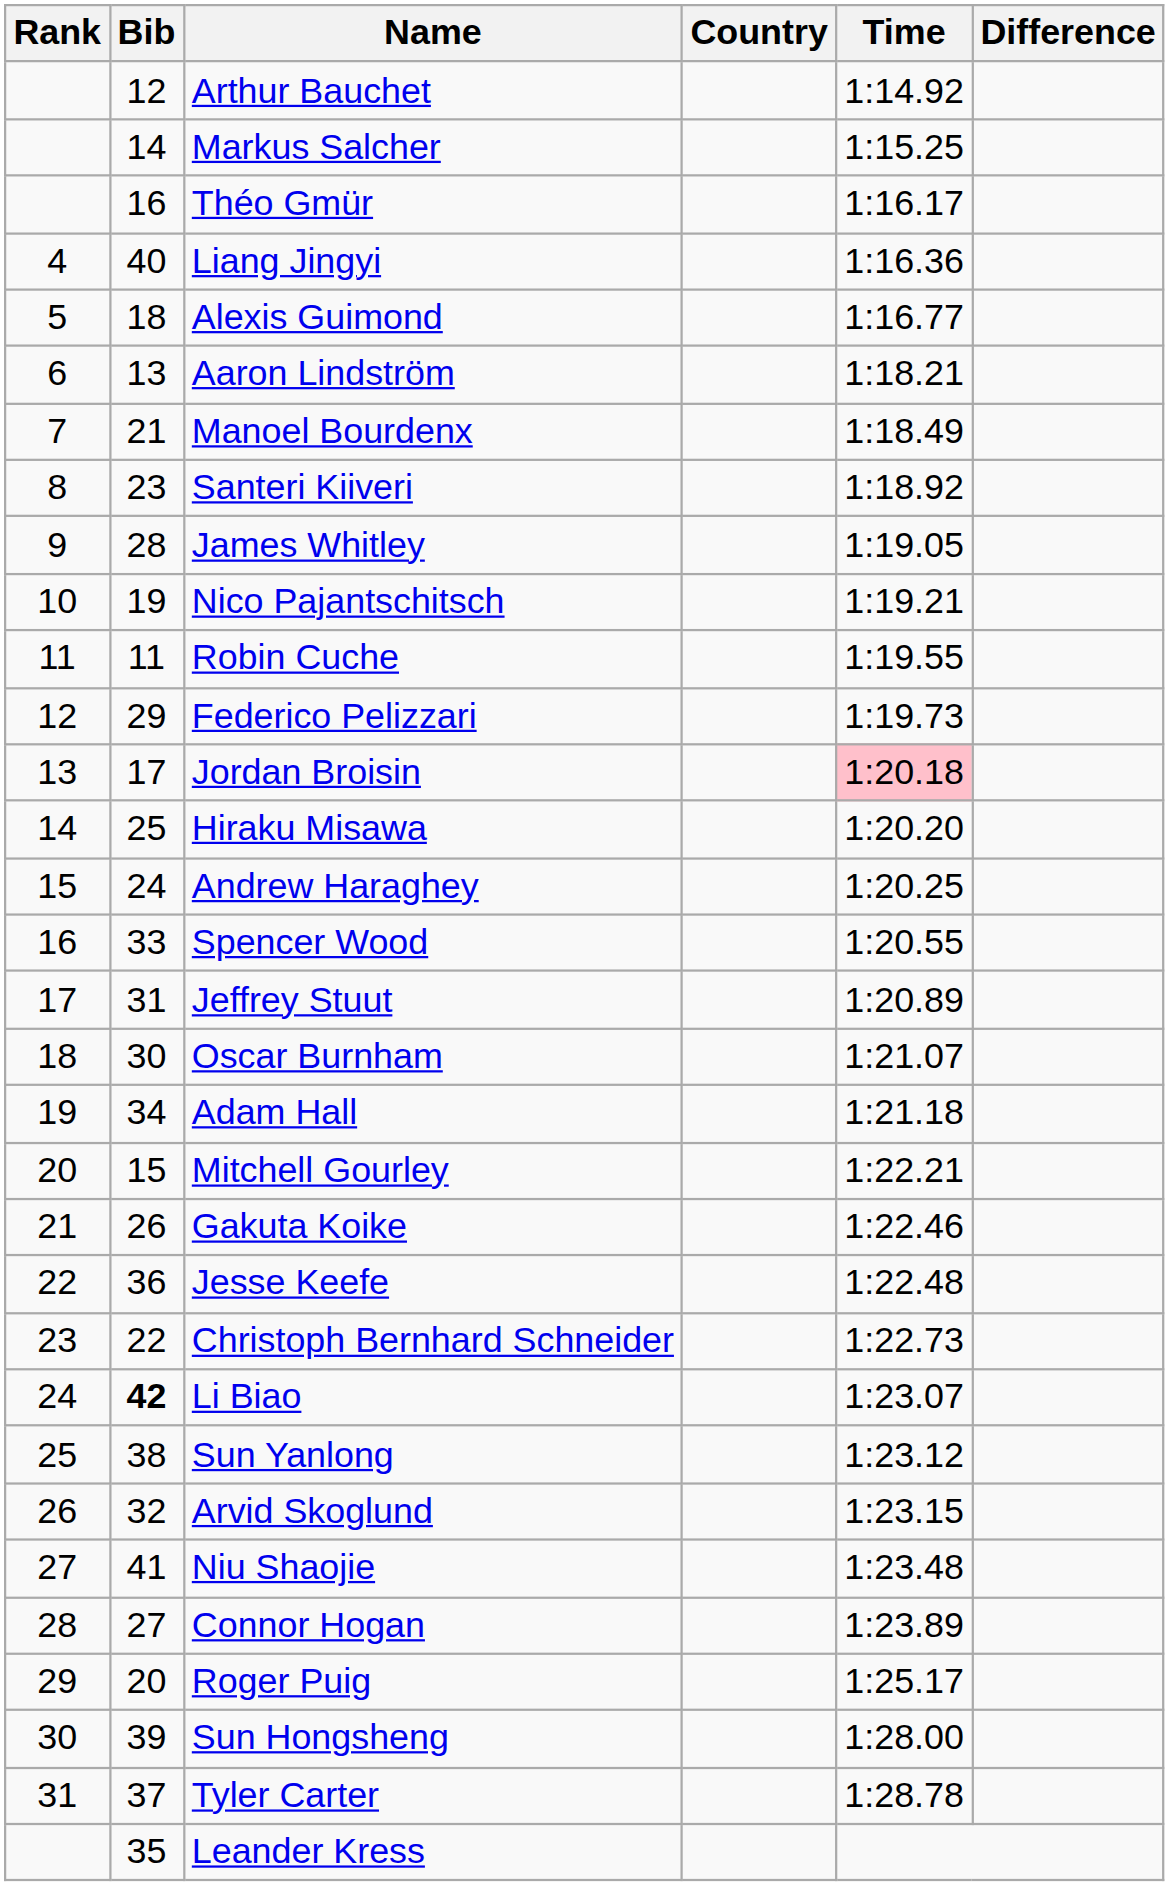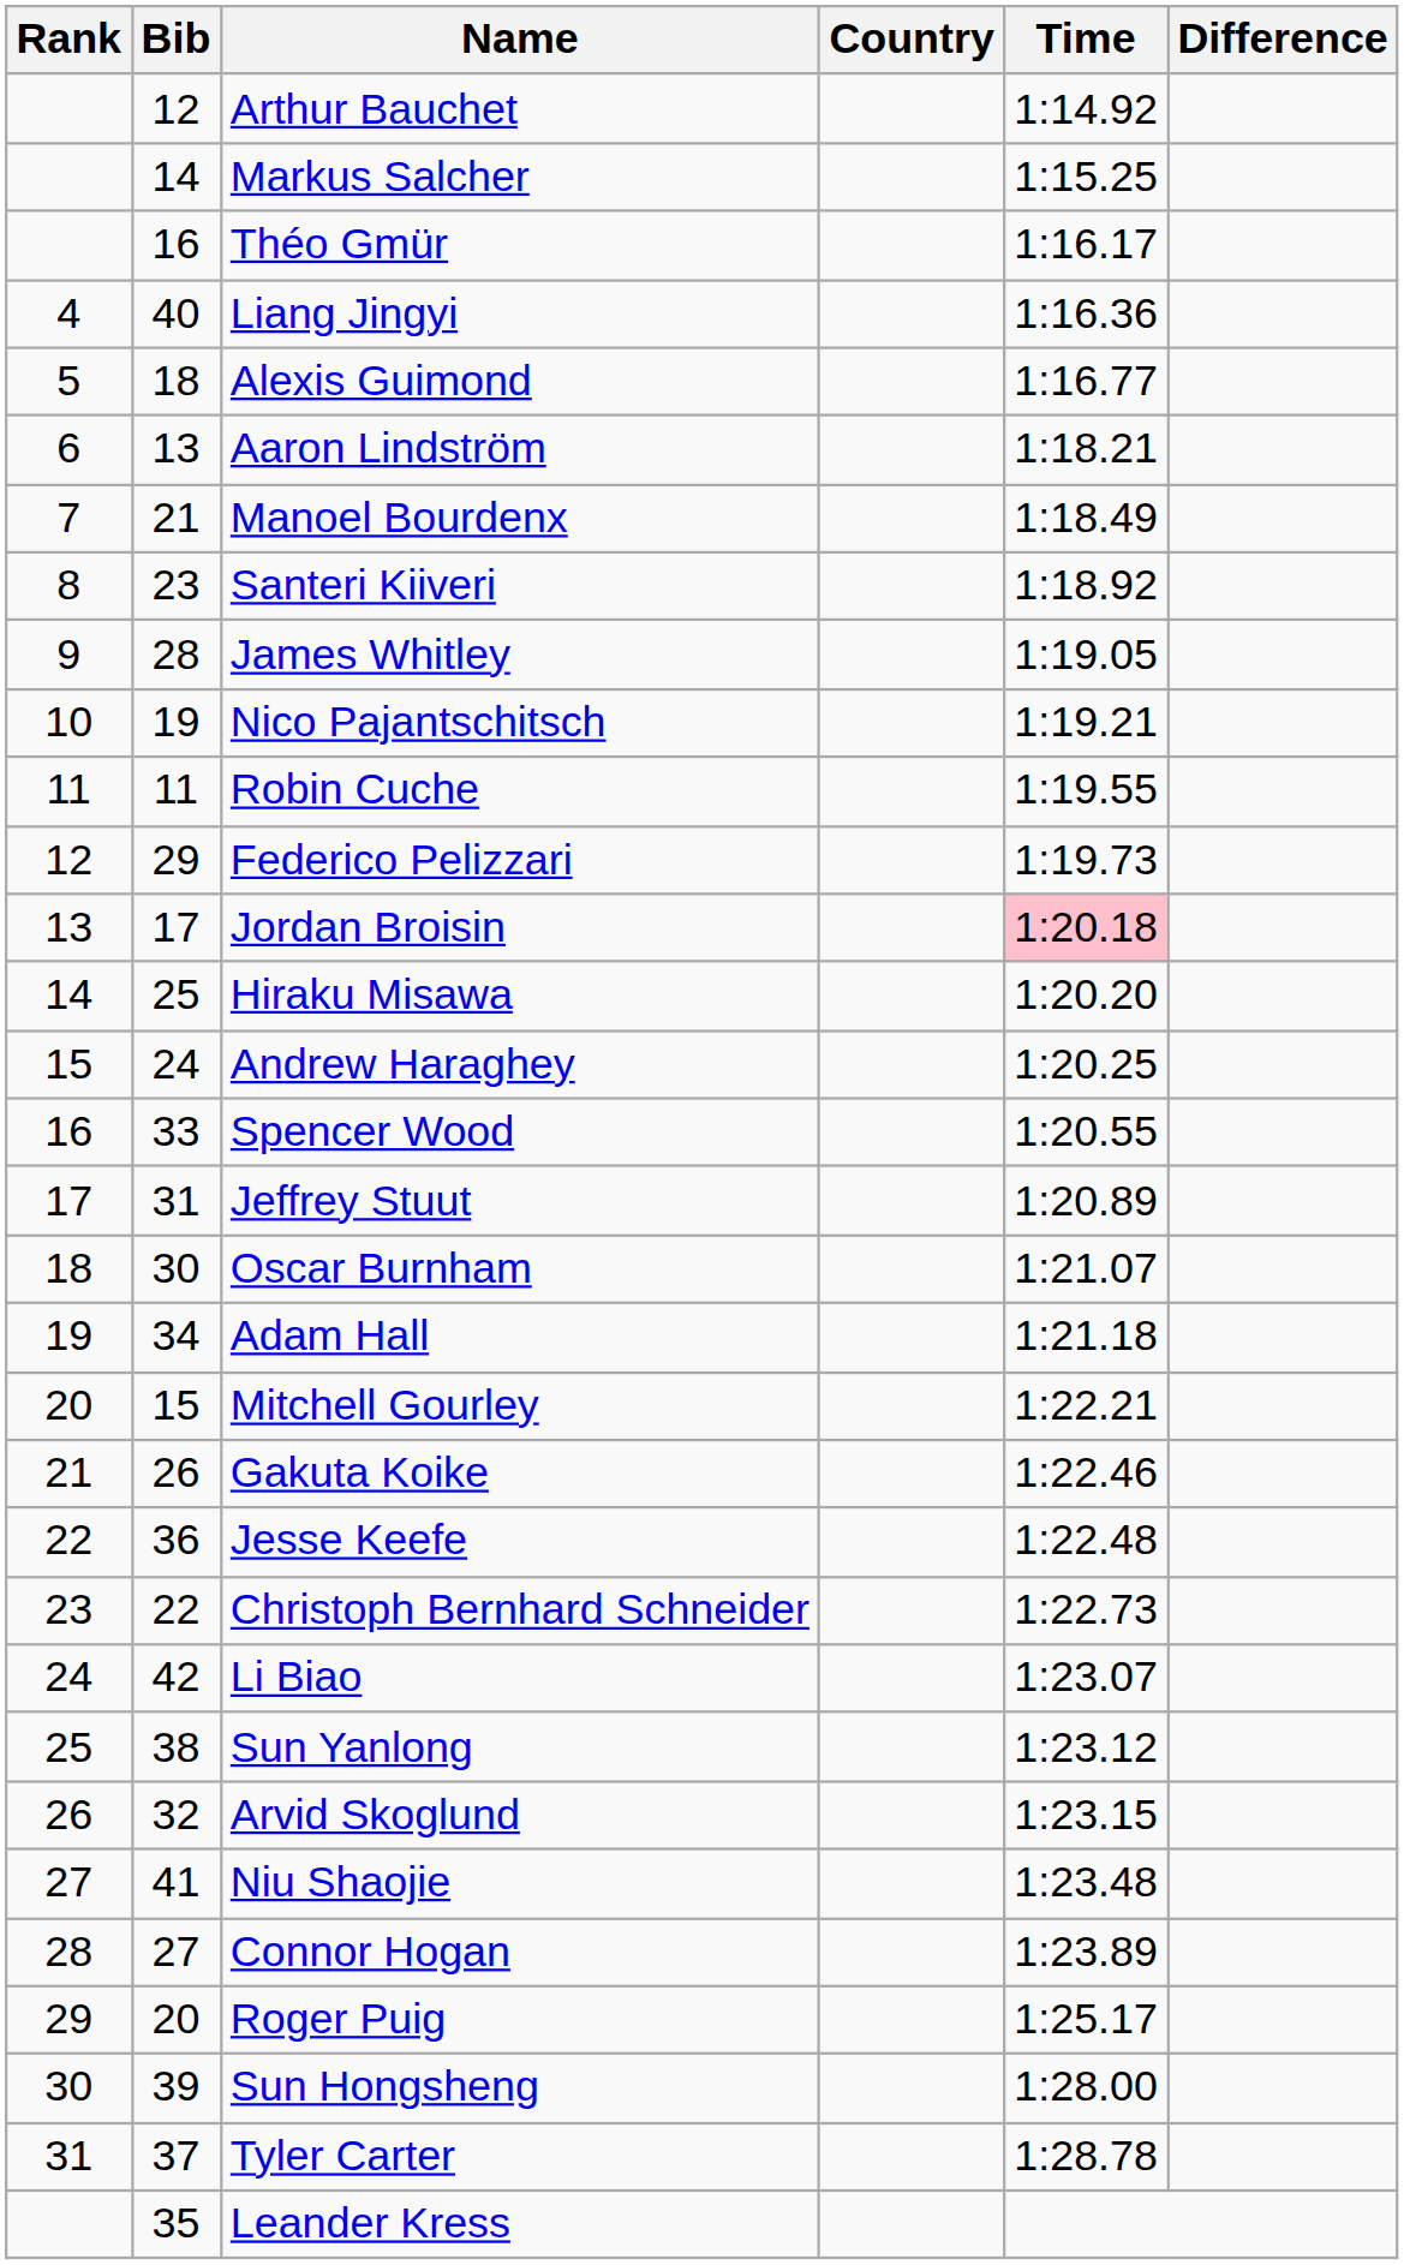 <table class="wikitable sortable" style="text-align:center">
 <tr>
 <th>Rank</th>
 <th>Bib</th>
 <th>Name</th>
 <th>Country</th>
 <th>Time</th>
 <th>Difference</th>
 </tr>
 <tr>
 <td></td>
 <td>12</td>
 <td align="left"><a href='#'>Arthur Bauchet</a></td>
 <td align="left"></td>
 <td>1:14.92</td>
 <td></td>
 </tr>
 <tr>
 <td></td>
 <td>14</td>
 <td align="left"><a href='#'>Markus Salcher</a></td>
 <td align="left"></td>
 <td>1:15.25</td>
 <td></td>
 </tr>
 <tr>
 <td></td>
 <td>16</td>
 <td align="left"><a href='#'>Théo Gmür</a></td>
 <td align="left"></td>
 <td>1:16.17</td>
 <td></td>
 </tr>
 <tr>
 <td>4</td>
 <td>40</td>
 <td align="left"><a href='#'>Liang Jingyi</a></td>
 <td align="left"></td>
 <td>1:16.36</td>
 <td></td>
 </tr>
 <tr>
 <td>5</td>
 <td>18</td>
 <td align="left"><a href='#'>Alexis Guimond</a></td>
 <td align="left"></td>
 <td>1:16.77</td>
 <td></td>
 </tr>
 <tr>
 <td>6</td>
 <td>13</td>
 <td align="left"><a href='#'>Aaron Lindström</a></td>
 <td align="left"></td>
 <td>1:18.21</td>
 <td></td>
 </tr>
 <tr>
 <td>7</td>
 <td>21</td>
 <td align="left"><a href='#'>Manoel Bourdenx</a></td>
 <td align="left"></td>
 <td>1:18.49</td>
 <td></td>
 </tr>
 <tr>
 <td>8</td>
 <td>23</td>
 <td align="left"><a href='#'>Santeri Kiiveri</a></td>
 <td align="left"></td>
 <td>1:18.92</td>
 <td></td>
 </tr>
 <tr>
 <td>9</td>
 <td>28</td>
 <td align="left"><a href='#'>James Whitley</a></td>
 <td align="left"></td>
 <td>1:19.05</td>
 <td></td>
 </tr>
 <tr>
 <td>10</td>
 <td>19</td>
 <td align="left"><a href='#'>Nico Pajantschitsch</a></td>
 <td align="left"></td>
 <td>1:19.21</td>
 <td></td>
 </tr>
 <tr>
 <td>11</td>
 <td>11</td>
 <td align="left"><a href='#'>Robin Cuche</a></td>
 <td align="left"></td>
 <td>1:19.55</td>
 <td></td>
 </tr>
 <tr>
 <td>12</td>
 <td>29</td>
 <td align="left"><a href='#'>Federico Pelizzari</a></td>
 <td align="left"></td>
 <td>1:19.73</td>
 <td></td>
 </tr>
 <tr>
 <td>13</td>
 <td>17</td>
 <td align="left"><a href='#'>Jordan Broisin</a></td>
 <td align="left"></td>
 <td style="background: pink;">1:20.18</td>
 <td></td>
 </tr>
 <tr>
 <td>14</td>
 <td>25</td>
 <td align="left"><a href='#'>Hiraku Misawa</a></td>
 <td align="left"></td>
 <td>1:20.20</td>
 <td></td>
 </tr>
 <tr>
 <td>15</td>
 <td>24</td>
 <td align="left"><a href='#'>Andrew Haraghey</a></td>
 <td align="left"></td>
 <td>1:20.25</td>
 <td></td>
 </tr>
 <tr>
 <td>16</td>
 <td>33</td>
 <td align="left"><a href='#'>Spencer Wood</a></td>
 <td align="left"></td>
 <td>1:20.55</td>
 <td></td>
 </tr>
 <tr>
 <td>17</td>
 <td>31</td>
 <td align="left"><a href='#'>Jeffrey Stuut</a></td>
 <td align="left"></td>
 <td>1:20.89</td>
 <td></td>
 </tr>
 <tr>
 <td>18</td>
 <td>30</td>
 <td align="left"><a href='#'>Oscar Burnham</a></td>
 <td align="left"></td>
 <td>1:21.07</td>
 <td></td>
 </tr>
 <tr>
 <td>19</td>
 <td>34</td>
 <td align="left"><a href='#'>Adam Hall</a></td>
 <td align="left"></td>
 <td>1:21.18</td>
 <td></td>
 </tr>
 <tr>
 <td>20</td>
 <td>15</td>
 <td align="left"><a href='#'>Mitchell Gourley</a></td>
 <td align="left"></td>
 <td>1:22.21</td>
 <td></td>
 </tr>
 <tr>
 <td>21</td>
 <td>26</td>
 <td align="left"><a href='#'>Gakuta Koike</a></td>
 <td align="left"></td>
 <td>1:22.46</td>
 <td></td>
 </tr>
 <tr>
 <td>22</td>
 <td>36</td>
 <td align="left"><a href='#'>Jesse Keefe</a></td>
 <td align="left"></td>
 <td>1:22.48</td>
 <td></td>
 </tr>
 <tr>
 <td>23</td>
 <td>22</td>
 <td align="left"><a href='#'>Christoph Bernhard Schneider</a></td>
 <td align="left"></td>
 <td>1:22.73</td>
 <td></td>
 </tr>
 <tr>
 <td>24</td>
-<td><strong>42</strong></td>
+<td>42</td>
 <td align="left"><a href='#'>Li Biao</a></td>
 <td align="left"></td>
 <td>1:23.07</td>
 <td></td>
 </tr>
 <tr>
 <td>25</td>
 <td>38</td>
 <td align="left"><a href='#'>Sun Yanlong</a></td>
 <td align="left"></td>
 <td>1:23.12</td>
 <td></td>
 </tr>
 <tr>
 <td>26</td>
 <td>32</td>
 <td align="left"><a href='#'>Arvid Skoglund</a></td>
 <td align="left"></td>
 <td>1:23.15</td>
 <td></td>
 </tr>
 <tr>
 <td>27</td>
 <td>41</td>
 <td align="left"><a href='#'>Niu Shaojie</a></td>
 <td align="left"></td>
 <td>1:23.48</td>
 <td></td>
 </tr>
 <tr>
 <td>28</td>
 <td>27</td>
 <td align="left"><a href='#'>Connor Hogan</a></td>
 <td align="left"></td>
 <td>1:23.89</td>
 <td></td>
 </tr>
 <tr>
 <td>29</td>
 <td>20</td>
 <td align="left"><a href='#'>Roger Puig</a></td>
 <td align="left"></td>
 <td>1:25.17</td>
 <td></td>
 </tr>
 <tr>
 <td>30</td>
 <td>39</td>
 <td align="left"><a href='#'>Sun Hongsheng</a></td>
 <td align="left"></td>
 <td>1:28.00</td>
 <td></td>
 </tr>
 <tr>
 <td>31</td>
 <td>37</td>
 <td align="left"><a href='#'>Tyler Carter</a></td>
 <td align="left"></td>
 <td>1:28.78</td>
 <td></td>
 </tr>
 <tr>
 <td></td>
 <td>35</td>
 <td align="left"><a href='#'>Leander Kress</a></td>
 <td align="left"></td>
 <td colspan="2"></td>
 </tr>
 </table>
